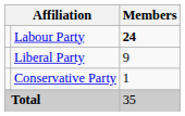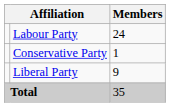 <table class="wikitable">
 <tr>
 <th colspan="2">Affiliation</th>
 <th>Members</th>
 </tr>
 <tr>
 <td style="color:inherit;background:"></td>
 <td><a href='#'>Labour Party</a></td>
-<td><strong>24</strong></td>
+<td>24</td>
+</tr>
+<tr>
+<td style="color:inherit;background:"></td>
+<td><a href='#'>Conservative Party</a></td>
+<td>1</td>
 </tr>
 <tr>
 <td style="color:inherit;background:"></td>
 <td><a href='#'>Liberal Party</a></td>
 <td>9</td>
 </tr>
-<tr>
-<td style="color:inherit;background:"></td>
-<td><a href='#'>Conservative Party</a></td>
-<td>1</td>
-</tr>
 <tr style="background:#ccc;">
 <td colspan="2"> <strong>Total</strong></td>
 <td>35</td>
 </tr>
 </table>
